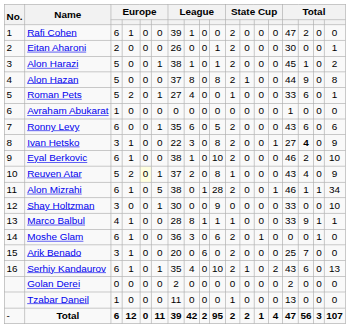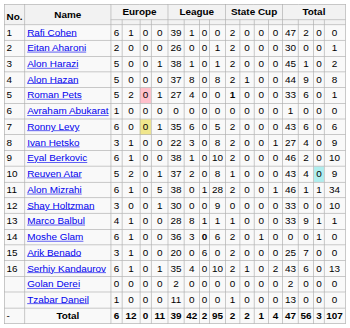 <table class="wikitable" style="text-align:center">
 <tr>
 <th rowspan="2" valign="bottom">No.</th>
 <th rowspan="2">Name</th>
 <th colspan="4" width="85">Europe</th>
 <th colspan="4" width="85">League</th>
 <th colspan="4" width="85">State Cup</th>
 <th colspan="4" width="85">Total</th>
 </tr>
 <tr>
 <th></th>
 <th></th>
 <th></th>
 <th></th>
 <th></th>
 <th></th>
 <th></th>
 <th></th>
 <th></th>
 <th></th>
 <th></th>
 <th></th>
 <th></th>
 <th></th>
 <th></th>
 <th></th>
 </tr>
 <tr>
 <td align="left">1</td>
 <td align="left"> <a href='#'>Rafi Cohen</a></td>
 <td>6</td>
 <td>1</td>
 <td>0</td>
 <td>0</td>
 <td>39</td>
 <td>1</td>
 <td>0</td>
 <td>0</td>
 <td>2</td>
 <td>0</td>
 <td>0</td>
 <td>0</td>
 <td>47</td>
 <td>2</td>
 <td>0</td>
 <td>0</td>
 </tr>
 <tr>
 <td align="left">2</td>
 <td align="left"> <a href='#'>Eitan Aharoni</a></td>
 <td>2</td>
 <td>0</td>
 <td>0</td>
 <td>0</td>
 <td>26</td>
 <td>0</td>
 <td>0</td>
 <td>1</td>
 <td>2</td>
 <td>0</td>
 <td>0</td>
 <td>0</td>
 <td>30</td>
 <td>0</td>
 <td>0</td>
 <td>1</td>
 </tr>
 <tr>
 <td align="left">3</td>
 <td align="left"> <a href='#'>Alon Harazi</a></td>
 <td>5</td>
 <td>0</td>
 <td>0</td>
 <td>1</td>
 <td>38</td>
 <td>1</td>
 <td>0</td>
 <td>1</td>
 <td>2</td>
 <td>0</td>
 <td>0</td>
 <td>0</td>
 <td>45</td>
 <td>1</td>
 <td>0</td>
 <td>2</td>
 </tr>
 <tr>
 <td align="left">4</td>
 <td align="left"> <a href='#'>Alon Hazan</a></td>
 <td>5</td>
 <td>0</td>
 <td>0</td>
 <td>0</td>
 <td>37</td>
 <td>8</td>
 <td>0</td>
 <td>8</td>
 <td>2</td>
 <td>1</td>
 <td>0</td>
 <td>0</td>
 <td>44</td>
 <td>9</td>
 <td>0</td>
 <td>8</td>
 </tr>
 <tr>
 <td align="left">5</td>
 <td align="left"> <a href='#'>Roman Pets</a></td>
 <td>5</td>
 <td>2</td>
-<td>0</td>
+<td style="background: pink;">0</td>
 <td>1</td>
 <td>27</td>
 <td>4</td>
 <td>0</td>
 <td>0</td>
-<td>1</td>
+<td><strong>1</strong></td>
 <td>0</td>
 <td>0</td>
 <td>0</td>
 <td>33</td>
 <td>6</td>
 <td>0</td>
 <td>1</td>
 </tr>
 <tr>
 <td align="left">6</td>
 <td align="left"> <a href='#'>Avraham Abukarat</a></td>
 <td>1</td>
 <td>0</td>
 <td>0</td>
 <td>0</td>
 <td>0</td>
 <td>0</td>
 <td>0</td>
 <td>0</td>
 <td>0</td>
 <td>0</td>
 <td>0</td>
 <td>0</td>
 <td>1</td>
 <td>0</td>
 <td>0</td>
 <td>0</td>
 </tr>
 <tr>
 <td align="left">7</td>
 <td align="left"> <a href='#'>Ronny Levy</a></td>
 <td>6</td>
 <td>0</td>
-<td>0</td>
+<td style="background: khaki;">0</td>
 <td>1</td>
 <td>35</td>
 <td>6</td>
 <td>0</td>
 <td>5</td>
 <td>2</td>
 <td>0</td>
 <td>0</td>
 <td>0</td>
 <td>43</td>
 <td>6</td>
 <td>0</td>
 <td>6</td>
 </tr>
 <tr>
 <td align="left">8</td>
 <td align="left"> <a href='#'>Ivan Hetsko</a></td>
 <td>3</td>
 <td>1</td>
 <td>0</td>
 <td>0</td>
 <td>22</td>
 <td>3</td>
 <td>0</td>
 <td>8</td>
 <td>2</td>
 <td>0</td>
 <td>0</td>
 <td>1</td>
 <td>27</td>
-<td><strong>4</strong></td>
+<td>4</td>
 <td>0</td>
 <td>9</td>
 </tr>
 <tr>
 <td align="left">9</td>
 <td align="left"> <a href='#'>Eyal Berkovic</a></td>
 <td>6</td>
 <td>1</td>
 <td>0</td>
 <td>0</td>
 <td>38</td>
 <td>1</td>
 <td>0</td>
 <td>10</td>
 <td>2</td>
 <td>0</td>
 <td>0</td>
 <td>0</td>
 <td>46</td>
 <td>2</td>
 <td>0</td>
 <td>10</td>
 </tr>
 <tr>
 <td align="left">10</td>
 <td align="left"> <a href='#'>Reuven Atar</a></td>
 <td>5</td>
 <td>2</td>
-<td style="background: lightyellow;">0</td>
+<td>0</td>
 <td>1</td>
 <td>37</td>
 <td>2</td>
 <td>0</td>
 <td>8</td>
 <td>1</td>
 <td>0</td>
 <td>0</td>
 <td>0</td>
 <td>43</td>
 <td>4</td>
-<td>0</td>
+<td style="background: paleturquoise;">0</td>
 <td>9</td>
 </tr>
 <tr>
 <td align="left">11</td>
 <td align="left"> <a href='#'>Alon Mizrahi</a></td>
 <td>6</td>
 <td>1</td>
 <td>0</td>
 <td>5</td>
 <td>38</td>
 <td>0</td>
 <td>1</td>
 <td>28</td>
 <td>2</td>
 <td>0</td>
 <td>0</td>
 <td>1</td>
 <td>46</td>
 <td>1</td>
 <td>1</td>
 <td>34</td>
 </tr>
 <tr>
 <td align="left">12</td>
 <td align="left"> <a href='#'>Shay Holtzman</a></td>
 <td>3</td>
 <td>0</td>
 <td>0</td>
 <td>1</td>
 <td>30</td>
 <td>0</td>
 <td>0</td>
 <td>9</td>
 <td>0</td>
 <td>0</td>
 <td>0</td>
 <td>0</td>
 <td>33</td>
 <td>0</td>
 <td>0</td>
 <td>10</td>
 </tr>
 <tr>
 <td align="left">13</td>
 <td align="left"> <a href='#'>Marco Balbul</a></td>
 <td>4</td>
 <td>1</td>
 <td>0</td>
 <td>0</td>
 <td>28</td>
 <td>8</td>
 <td>1</td>
 <td>1</td>
 <td>1</td>
 <td>0</td>
 <td>0</td>
 <td>0</td>
 <td>33</td>
 <td>9</td>
 <td>1</td>
 <td>1</td>
 </tr>
 <tr>
 <td align="left">14</td>
 <td align="left"> <a href='#'>Moshe Glam</a></td>
 <td>6</td>
 <td>1</td>
 <td>0</td>
 <td>0</td>
 <td>36</td>
 <td>3</td>
-<td>0</td>
+<td><strong>0</strong></td>
 <td>6</td>
 <td>2</td>
 <td>0</td>
 <td>1</td>
 <td>0</td>
 <td>0</td>
 <td>0</td>
 <td>1</td>
 <td>0</td>
 </tr>
 <tr>
 <td align="left">15</td>
 <td align="left"> <a href='#'>Arik Benado</a></td>
 <td>3</td>
 <td>1</td>
 <td>0</td>
 <td>0</td>
 <td>20</td>
 <td>0</td>
 <td>6</td>
 <td>0</td>
 <td>2</td>
 <td>0</td>
 <td>0</td>
 <td>0</td>
 <td>25</td>
 <td>7</td>
 <td>0</td>
 <td>0</td>
 </tr>
 <tr>
 <td align="left">16</td>
 <td align="left"> <a href='#'>Serhiy Kandaurov</a></td>
 <td>6</td>
 <td>1</td>
 <td>0</td>
 <td>1</td>
 <td>35</td>
 <td>4</td>
 <td>0</td>
 <td>10</td>
 <td>2</td>
 <td>1</td>
 <td>0</td>
 <td>2</td>
 <td>43</td>
 <td>6</td>
 <td>0</td>
 <td>13</td>
 </tr>
 <tr>
 <td align="left"></td>
 <td align="left"> <a href='#'>Golan Derei</a></td>
 <td>0</td>
 <td>0</td>
 <td>0</td>
 <td>0</td>
 <td>2</td>
 <td>0</td>
 <td>0</td>
 <td>0</td>
 <td>0</td>
 <td>0</td>
 <td>0</td>
 <td>0</td>
 <td>2</td>
 <td>0</td>
 <td>0</td>
 <td>0</td>
 </tr>
 <tr>
 <td align="left"></td>
 <td align="left"> <a href='#'>Tzabar Daneil</a></td>
 <td>1</td>
 <td>0</td>
 <td>0</td>
 <td>0</td>
 <td>11</td>
 <td>0</td>
 <td>0</td>
 <td>0</td>
 <td>1</td>
 <td>0</td>
 <td>0</td>
 <td>0</td>
 <td>13</td>
 <td>0</td>
 <td>0</td>
 <td>0</td>
 </tr>
 <tr>
 <td align="left">-</td>
 <td align="center"><strong>Total</strong></td>
 <td><strong>6</strong></td>
 <td><strong>12</strong></td>
 <td><strong>0</strong></td>
 <td><strong>11</strong></td>
 <td><strong>39</strong></td>
 <td><strong>42</strong></td>
 <td><strong>2</strong></td>
 <td><strong>95</strong></td>
 <td><strong>2</strong></td>
 <td><strong>2</strong></td>
 <td><strong>1</strong></td>
 <td><strong>4</strong></td>
 <td><strong>47</strong></td>
 <td><strong>56</strong></td>
 <td><strong>3</strong></td>
 <td><strong>107</strong></td>
 </tr>
 </table>
